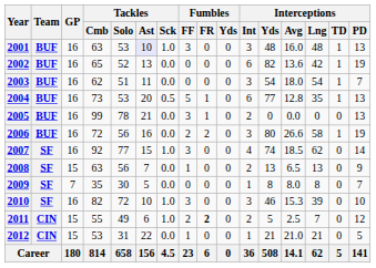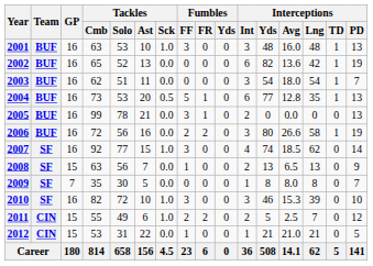 <table class="wikitable" style="text-align:center;">
 <tr>
 <th rowspan="2">Year</th>
 <th rowspan="2">Team</th>
 <th rowspan="2">GP</th>
 <th colspan="4">Tackles</th>
 <th colspan="3">Fumbles</th>
 <th colspan="6">Interceptions</th>
 </tr>
 <tr>
 <th>Cmb</th>
 <th>Solo</th>
 <th>Ast</th>
 <th>Sck</th>
 <th>FF</th>
 <th>FR</th>
 <th>Yds</th>
 <th>Int</th>
 <th>Yds</th>
 <th>Avg</th>
 <th>Lng</th>
 <th>TD</th>
 <th>PD</th>
 </tr>
 <tr>
 <th><a href='#'>2001</a></th>
 <th><a href='#'>BUF</a></th>
 <td>16</td>
 <td>63</td>
 <td>53</td>
-<td style="background: lavender;">10</td>
+<td>10</td>
 <td>1.0</td>
 <td>3</td>
 <td>0</td>
 <td>0</td>
 <td>3</td>
 <td>48</td>
 <td>16.0</td>
 <td>48</td>
 <td>1</td>
 <td>13</td>
 </tr>
 <tr>
 <th><a href='#'>2002</a></th>
 <th><a href='#'>BUF</a></th>
 <td>16</td>
 <td>65</td>
 <td>52</td>
 <td>13</td>
 <td>0.0</td>
 <td>0</td>
 <td>0</td>
 <td>0</td>
 <td>6</td>
 <td>82</td>
 <td>13.6</td>
 <td>42</td>
 <td>1</td>
 <td>19</td>
 </tr>
 <tr>
 <th><a href='#'>2003</a></th>
 <th><a href='#'>BUF</a></th>
 <td>16</td>
 <td>62</td>
 <td>51</td>
 <td>11</td>
 <td>0.0</td>
 <td>0</td>
 <td>0</td>
 <td>0</td>
 <td>3</td>
 <td>54</td>
 <td>18.0</td>
 <td>54</td>
 <td>1</td>
 <td>7</td>
 </tr>
 <tr>
 <th><a href='#'>2004</a></th>
 <th><a href='#'>BUF</a></th>
 <td>16</td>
 <td>73</td>
 <td>53</td>
 <td>20</td>
 <td>0.5</td>
 <td>5</td>
 <td>1</td>
 <td>0</td>
 <td>6</td>
 <td>77</td>
 <td>12.8</td>
 <td>35</td>
 <td>1</td>
 <td>13</td>
 </tr>
 <tr>
 <th><a href='#'>2005</a></th>
 <th><a href='#'>BUF</a></th>
 <td>16</td>
 <td>99</td>
 <td>78</td>
 <td>21</td>
 <td>0.0</td>
 <td>3</td>
 <td>1</td>
 <td>0</td>
 <td>2</td>
 <td>0</td>
 <td>0.0</td>
 <td>0</td>
 <td>0</td>
 <td>13</td>
 </tr>
 <tr>
 <th><a href='#'>2006</a></th>
 <th><a href='#'>BUF</a></th>
 <td>16</td>
 <td>72</td>
 <td>56</td>
 <td>16</td>
 <td>0.0</td>
 <td>2</td>
 <td>2</td>
 <td>0</td>
 <td>3</td>
 <td>80</td>
 <td>26.6</td>
 <td>58</td>
 <td>1</td>
 <td>19</td>
 </tr>
 <tr>
 <th><a href='#'>2007</a></th>
 <th><a href='#'>SF</a></th>
 <td>16</td>
 <td>92</td>
 <td>77</td>
 <td>15</td>
 <td>1.0</td>
 <td>3</td>
 <td>0</td>
 <td>0</td>
 <td>4</td>
 <td>74</td>
 <td>18.5</td>
 <td>62</td>
 <td>0</td>
 <td>14</td>
 </tr>
 <tr>
 <th><a href='#'>2008</a></th>
 <th><a href='#'>SF</a></th>
 <td>15</td>
 <td>63</td>
 <td>56</td>
 <td>7</td>
 <td>0.0</td>
 <td>1</td>
 <td>0</td>
 <td>0</td>
 <td>2</td>
 <td>13</td>
 <td>6.5</td>
 <td>13</td>
 <td>0</td>
 <td>9</td>
 </tr>
 <tr>
 <th><a href='#'>2009</a></th>
 <th><a href='#'>SF</a></th>
 <td>7</td>
 <td>35</td>
 <td>30</td>
 <td>5</td>
 <td>0.0</td>
 <td>0</td>
 <td>0</td>
 <td>0</td>
 <td>1</td>
 <td>8</td>
 <td>8.0</td>
 <td>8</td>
 <td>0</td>
 <td>7</td>
 </tr>
 <tr>
 <th><a href='#'>2010</a></th>
 <th><a href='#'>SF</a></th>
 <td>16</td>
 <td>82</td>
 <td>72</td>
 <td>10</td>
 <td>1.0</td>
 <td>3</td>
 <td>0</td>
 <td>0</td>
 <td>3</td>
 <td>46</td>
 <td>15.3</td>
 <td>39</td>
 <td>0</td>
 <td>10</td>
 </tr>
 <tr>
 <th><a href='#'>2011</a></th>
 <th><a href='#'>CIN</a></th>
 <td>15</td>
 <td>55</td>
 <td>49</td>
 <td>6</td>
 <td>1.0</td>
 <td>2</td>
-<td><strong>2</strong></td>
+<td>2</td>
 <td>0</td>
 <td>2</td>
 <td>5</td>
 <td>2.5</td>
 <td>7</td>
 <td>0</td>
 <td>12</td>
 </tr>
 <tr>
 <th><a href='#'>2012</a></th>
 <th><a href='#'>CIN</a></th>
 <td>15</td>
 <td>53</td>
 <td>31</td>
 <td>22</td>
 <td>0.0</td>
 <td>1</td>
 <td>0</td>
 <td>0</td>
 <td>1</td>
 <td>21</td>
 <td>21.0</td>
 <td>21</td>
 <td>0</td>
 <td>5</td>
 </tr>
 <tr>
 <th colspan="2">Career</th>
 <th>180</th>
 <th>814</th>
 <th>658</th>
 <th>156</th>
 <th>4.5</th>
 <th>23</th>
 <th>6</th>
 <th>0</th>
 <th>36</th>
 <th>508</th>
 <th>14.1</th>
 <th>62</th>
 <th>5</th>
 <th>141</th>
 </tr>
 </table>
